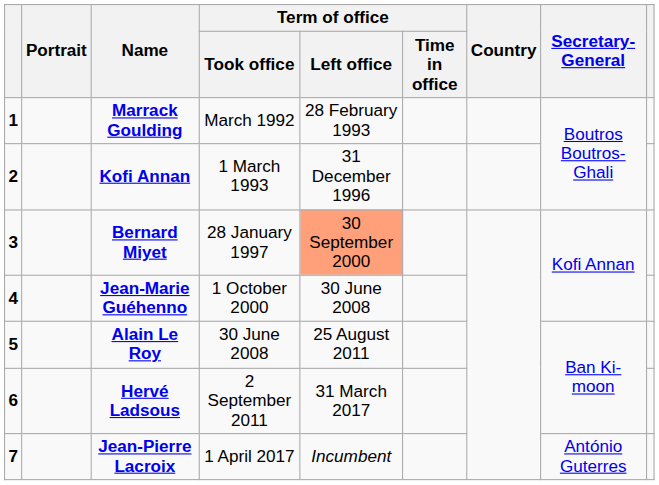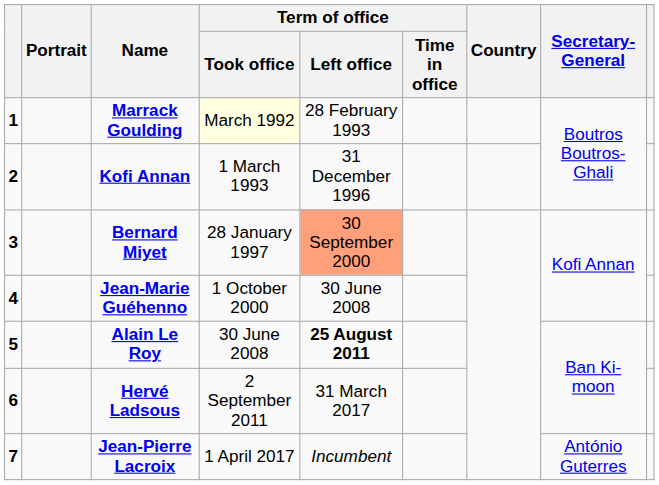 <table class="wikitable" style="text-align:center">
 <tr>
 <th rowspan=2></th>
 <th rowspan=2>Portrait</th>
 <th rowspan=2>Name<br></th>
 <th colspan=3>Term of office</th>
 <th rowspan=2>Country</th>
 <th rowspan=2><a href='#'>Secretary-General</a></th>
 <th rowspan=2></th>
 </tr>
 <tr>
 <th>Took office</th>
 <th>Left office</th>
 <th>Time in office</th>
 </tr>
 <tr>
 <td><strong>1</strong></td>
 <td></td>
 <td><strong><a href='#'>Marrack Goulding</a></strong><br></td>
-<td>March 1992</td>
+<td style="background: lightyellow;">March 1992</td>
 <td>28 February 1993</td>
 <td></td>
 <td></td>
 <td rowspan="2"><a href='#'>Boutros Boutros-Ghali</a></td>
 <td></td>
 </tr>
 <tr>
 <td><strong>2</strong></td>
 <td></td>
 <td><strong><a href='#'>Kofi Annan</a></strong><br></td>
 <td>1 March 1993</td>
 <td>31 December 1996</td>
 <td></td>
 <td></td>
 <td></td>
 </tr>
 <tr>
 <td><strong>3</strong></td>
 <td></td>
 <td><strong><a href='#'>Bernard Miyet</a></strong><br></td>
 <td>28 January 1997</td>
 <td style="background: lightsalmon;">30 September 2000</td>
 <td></td>
 <td rowspan="5"></td>
 <td rowspan="2"><a href='#'>Kofi Annan</a></td>
 <td></td>
 </tr>
 <tr>
 <td><strong>4</strong></td>
 <td></td>
 <td><strong><a href='#'>Jean-Marie Guéhenno</a></strong><br></td>
 <td>1 October 2000</td>
 <td>30 June 2008</td>
 <td></td>
 <td></td>
 </tr>
 <tr>
 <td><strong>5</strong></td>
 <td></td>
 <td><strong><a href='#'>Alain Le Roy</a></strong><br></td>
 <td>30 June 2008</td>
-<td>25 August 2011</td>
+<td><strong>25 August 2011</strong></td>
 <td></td>
 <td rowspan="2"><a href='#'>Ban Ki-moon</a></td>
 <td></td>
 </tr>
 <tr>
 <td><strong>6</strong></td>
 <td></td>
 <td><strong><a href='#'>Hervé Ladsous</a></strong><br></td>
 <td>2 September 2011</td>
 <td>31 March 2017</td>
 <td></td>
 <td></td>
 </tr>
 <tr>
 <td><strong>7</strong></td>
 <td></td>
 <td><strong><a href='#'>Jean-Pierre Lacroix</a></strong><br></td>
 <td>1 April 2017</td>
 <td><em>Incumbent</em></td>
 <td></td>
 <td><a href='#'>António Guterres</a></td>
 <td></td>
 </tr>
 </table>
